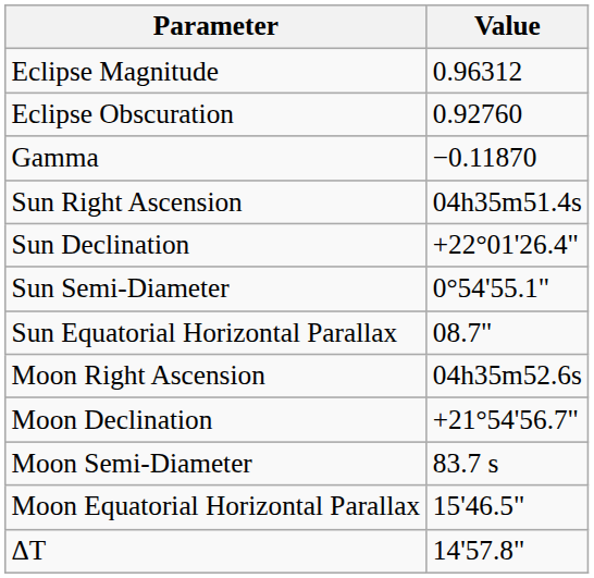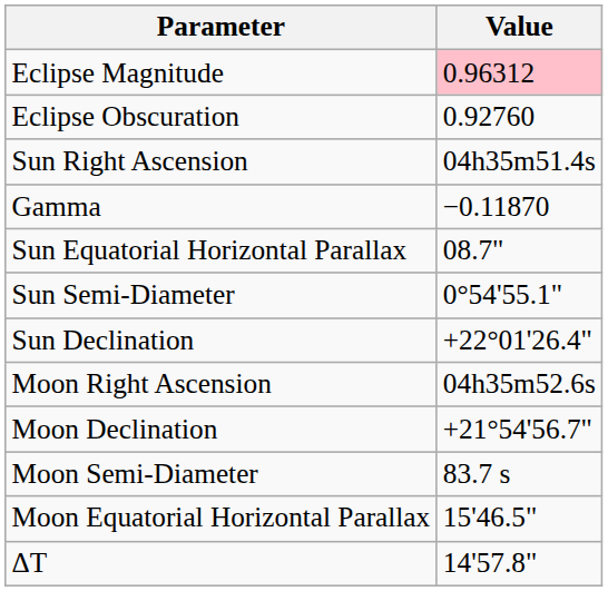 <table class="wikitable">
 <tr>
 <th>Parameter</th>
 <th>Value</th>
 </tr>
 <tr>
 <td>Eclipse Magnitude</td>
-<td>0.96312</td>
+<td style="background: pink;">0.96312</td>
 </tr>
 <tr>
 <td>Eclipse Obscuration</td>
 <td>0.92760</td>
 </tr>
 <tr>
+<td>Sun Right Ascension</td>
+<td>04h35m51.4s</td>
+</tr>
+<tr>
 <td>Gamma</td>
 <td>−0.11870</td>
 </tr>
 <tr>
-<td>Sun Right Ascension</td>
-<td>04h35m51.4s</td>
-</tr>
-<tr>
-<td>Sun Declination</td>
-<td>+22°01'26.4"</td>
+<td>Sun Equatorial Horizontal Parallax</td>
+<td>08.7"</td>
 </tr>
 <tr>
 <td>Sun Semi-Diameter</td>
 <td>0°54'55.1"</td>
 </tr>
 <tr>
-<td>Sun Equatorial Horizontal Parallax</td>
-<td>08.7"</td>
+<td>Sun Declination</td>
+<td>+22°01'26.4"</td>
 </tr>
 <tr>
 <td>Moon Right Ascension</td>
 <td>04h35m52.6s</td>
 </tr>
 <tr>
 <td>Moon Declination</td>
 <td>+21°54'56.7"</td>
 </tr>
 <tr>
 <td>Moon Semi-Diameter</td>
 <td>83.7 s</td>
 </tr>
 <tr>
 <td>Moon Equatorial Horizontal Parallax</td>
 <td>15'46.5"</td>
 </tr>
 <tr>
 <td>ΔT</td>
 <td>14'57.8"</td>
 </tr>
 </table>
